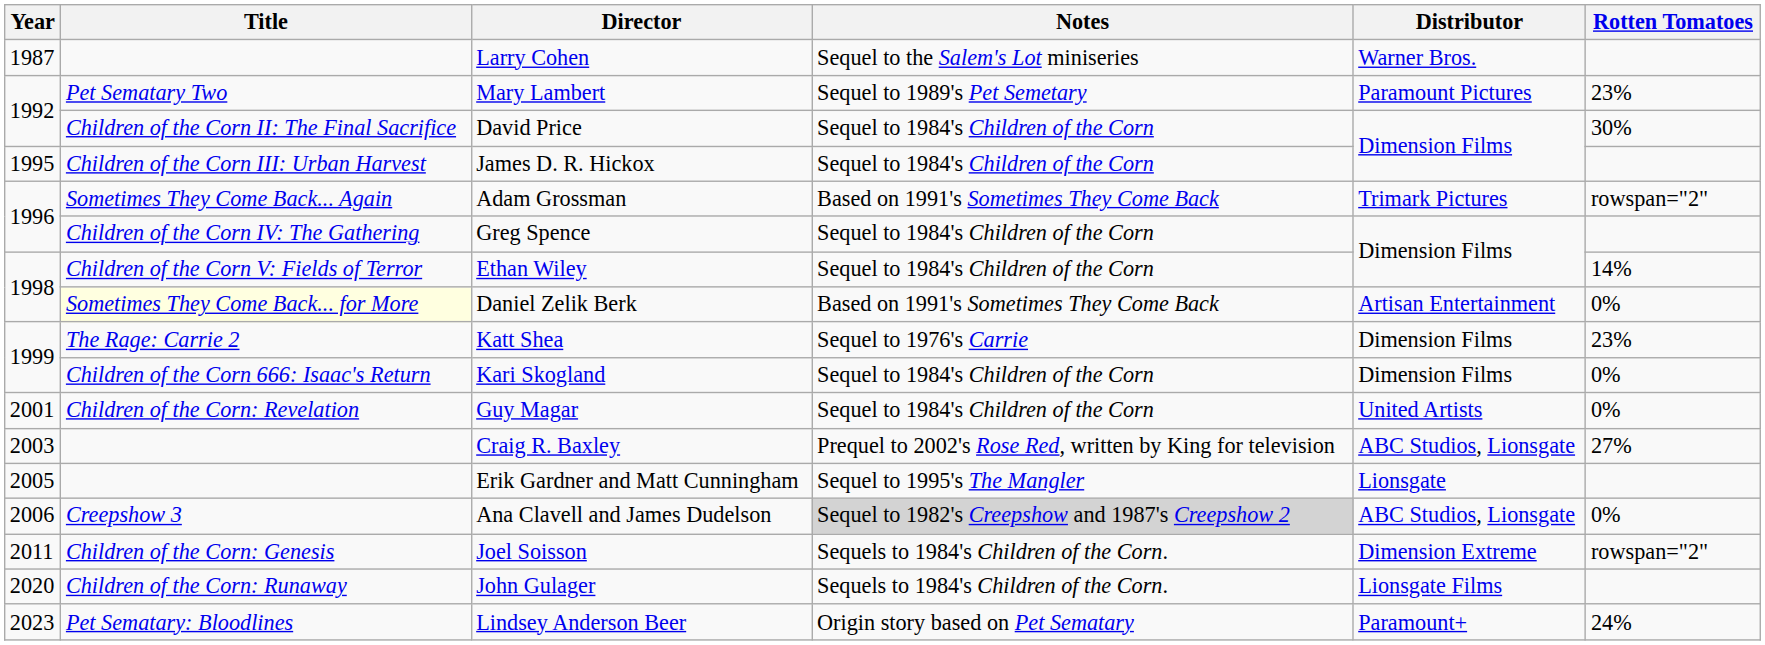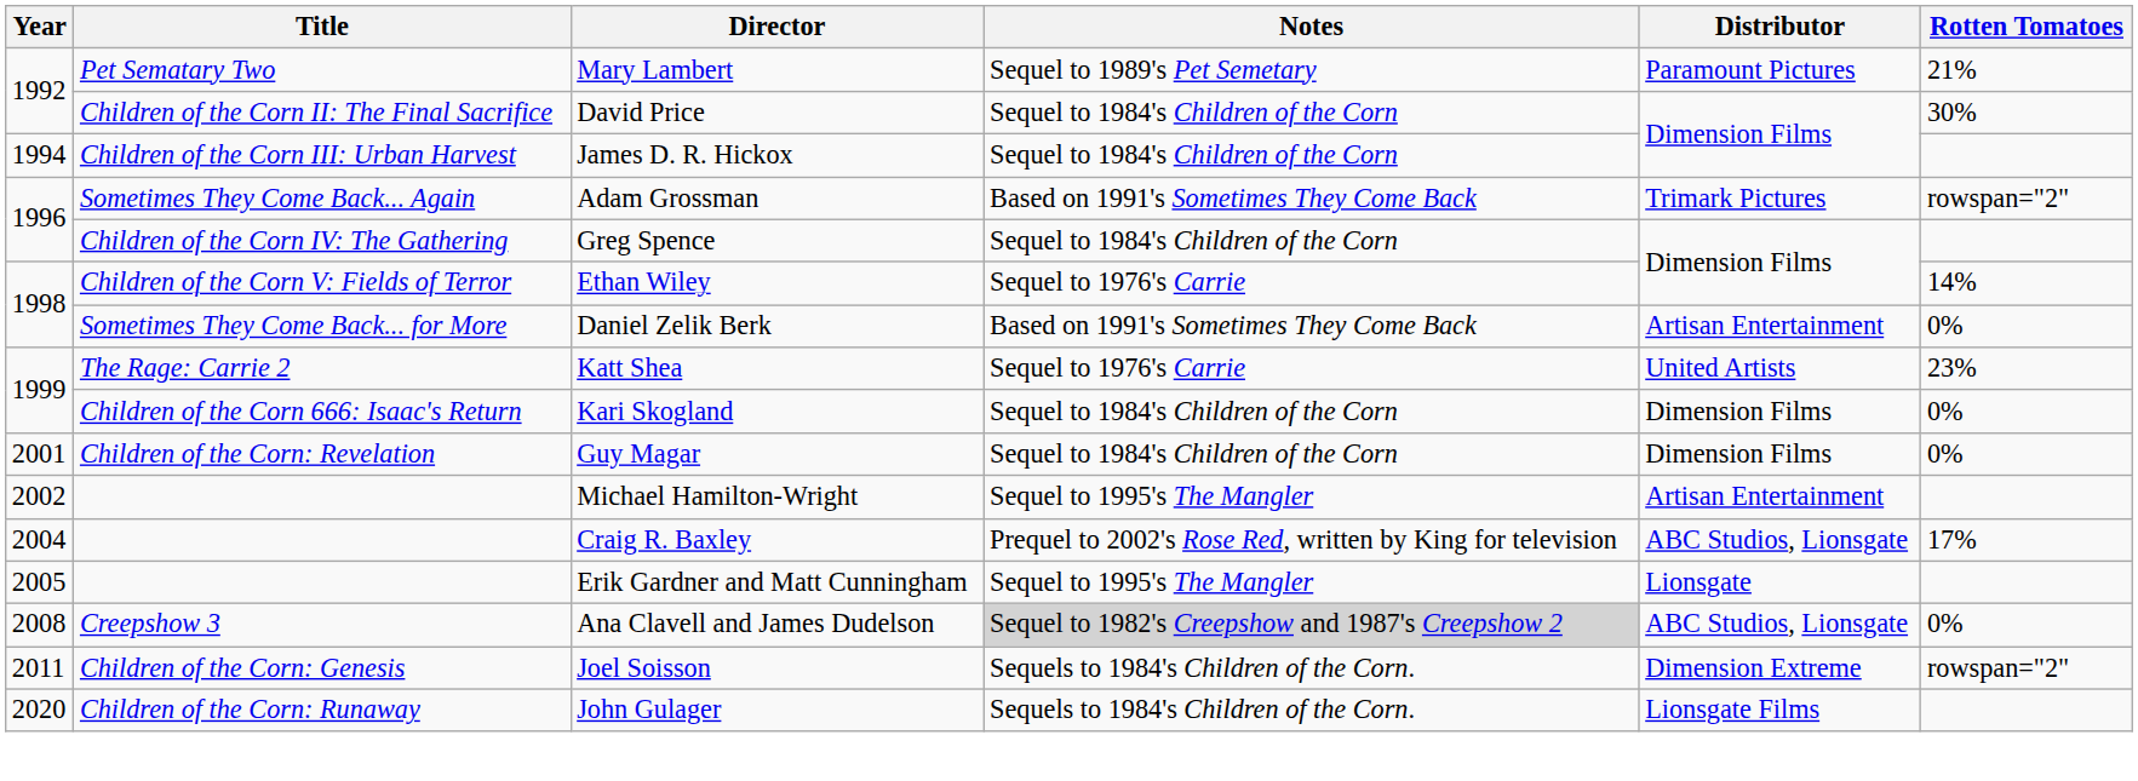 <table class="wikitable sortable plainrowheaders" style="width:100%;">
 <tr>
 <th>Year</th>
 <th>Title</th>
 <th>Director</th>
 <th class="unsortable">Notes</th>
 <th class="unsortable">Distributor</th>
 <th><a href='#'>Rotten Tomatoes</a></th>
 </tr>
 <tr>
-<td>1987</td>
-<td></td>
-<td><a href='#'>Larry Cohen</a></td>
-<td>Sequel to the <em><a href='#'>Salem's Lot</a></em> miniseries</td>
-<td><a href='#'>Warner Bros.</a></td>
-<td></td>
-</tr>
-<tr>
 <td rowspan="2">1992</td>
 <td><em><a href='#'>Pet Sematary Two</a></em></td>
 <td><a href='#'>Mary Lambert</a></td>
 <td>Sequel to 1989's <em><a href='#'>Pet Semetary</a></em></td>
 <td><a href='#'>Paramount Pictures</a></td>
-<td>23%</td>
+<td>21%</td>
 </tr>
 <tr>
 <td><em><a href='#'>Children of the Corn II: The Final Sacrifice</a></em></td>
 <td>David Price</td>
 <td>Sequel to 1984's <em><a href='#'>Children of the Corn</a></em></td>
 <td rowspan="2"><a href='#'>Dimension Films</a></td>
 <td>30%</td>
 </tr>
 <tr>
-<td>1995</td>
+<td>1994</td>
 <td><em><a href='#'>Children of the Corn III: Urban Harvest</a></em></td>
 <td>James D. R. Hickox</td>
 <td>Sequel to 1984's <em><a href='#'>Children of the Corn</a></em></td>
 </tr>
 <tr>
 <td rowspan="2">1996</td>
 <td><em><a href='#'>Sometimes They Come Back... Again</a></em></td>
 <td>Adam Grossman</td>
 <td>Based on 1991's <em><a href='#'>Sometimes They Come Back</a></em></td>
 <td><a href='#'>Trimark Pictures</a></td>
 <td>rowspan="2" </td>
 </tr>
 <tr>
 <td><em><a href='#'>Children of the Corn IV: The Gathering</a></em></td>
 <td>Greg Spence</td>
 <td>Sequel to 1984's <em>Children of the Corn</em></td>
 <td rowspan="2">Dimension Films</td>
 </tr>
 <tr>
 <td rowspan="2">1998</td>
 <td><em><a href='#'>Children of the Corn V: Fields of Terror</a></em></td>
 <td><a href='#'>Ethan Wiley</a></td>
-<td>Sequel to 1984's <em>Children of the Corn</em></td>
+<td>Sequel to 1976's <em><a href='#'>Carrie</a></em></td>
 <td>14%</td>
 </tr>
 <tr>
-<td style="background: lightyellow;"><em><a href='#'>Sometimes They Come Back... for More</a></em></td>
+<td><em><a href='#'>Sometimes They Come Back... for More</a></em></td>
 <td>Daniel Zelik Berk</td>
 <td>Based on 1991's <em>Sometimes They Come Back</em></td>
 <td><a href='#'>Artisan Entertainment</a></td>
 <td>0%</td>
 </tr>
 <tr>
 <td rowspan="2">1999</td>
 <td><em><a href='#'>The Rage: Carrie 2</a></em></td>
 <td><a href='#'>Katt Shea</a></td>
 <td>Sequel to 1976's <em><a href='#'>Carrie</a></em></td>
-<td>Dimension Films</td>
+<td><a href='#'>United Artists</a></td>
 <td>23%</td>
 </tr>
 <tr>
 <td><em><a href='#'>Children of the Corn 666: Isaac's Return</a></em></td>
 <td><a href='#'>Kari Skogland</a></td>
 <td>Sequel to 1984's <em>Children of the Corn</em></td>
 <td>Dimension Films</td>
 <td>0%</td>
 </tr>
 <tr>
 <td>2001</td>
 <td><em><a href='#'>Children of the Corn: Revelation</a></em></td>
 <td><a href='#'>Guy Magar</a></td>
 <td>Sequel to 1984's <em>Children of the Corn</em></td>
-<td><a href='#'>United Artists</a></td>
+<td>Dimension Films</td>
 <td>0%</td>
 </tr>
 <tr>
-<td>2003</td>
+<td>2002</td>
+<td></td>
+<td>Michael Hamilton-Wright</td>
+<td>Sequel to 1995's <em><a href='#'>The Mangler</a></em></td>
+<td><a href='#'>Artisan Entertainment</a></td>
+<td></td>
+</tr>
+<tr>
+<td>2004</td>
 <td></td>
 <td><a href='#'>Craig R. Baxley</a></td>
 <td>Prequel to 2002's <em><a href='#'>Rose Red</a></em>, written by King for television</td>
 <td><a href='#'>ABC Studios</a>, <a href='#'>Lionsgate</a></td>
-<td>27%</td>
+<td>17%</td>
 </tr>
 <tr>
 <td>2005</td>
 <td></td>
 <td>Erik Gardner and Matt Cunningham</td>
 <td>Sequel to 1995's <em><a href='#'>The Mangler</a></em></td>
 <td><a href='#'>Lionsgate</a></td>
 <td></td>
 </tr>
 <tr>
-<td>2006</td>
+<td>2008</td>
 <td><em><a href='#'>Creepshow 3</a></em></td>
 <td>Ana Clavell and James Dudelson</td>
 <td style="background: lightgrey;">Sequel to 1982's <em><a href='#'>Creepshow</a></em> and 1987's <em><a href='#'>Creepshow 2</a></em></td>
 <td><a href='#'>ABC Studios</a>, <a href='#'>Lionsgate</a></td>
 <td>0%</td>
 </tr>
 <tr>
 <td>2011</td>
 <td><em><a href='#'>Children of the Corn: Genesis</a></em></td>
 <td><a href='#'>Joel Soisson</a></td>
 <td>Sequels to 1984's <em>Children of the Corn</em>.</td>
 <td><a href='#'>Dimension Extreme</a></td>
 <td>rowspan="2" </td>
 </tr>
 <tr>
 <td>2020</td>
 <td><em><a href='#'>Children of the Corn: Runaway</a></em></td>
 <td><a href='#'>John Gulager</a></td>
 <td>Sequels to 1984's <em>Children of the Corn</em>.</td>
 <td><a href='#'>Lionsgate Films</a></td>
 </tr>
-<tr>
-<td>2023</td>
-<td><em><a href='#'>Pet Sematary: Bloodlines</a></em></td>
-<td><a href='#'>Lindsey Anderson Beer</a></td>
-<td>Origin story based on <em><a href='#'>Pet Sematary</a></em></td>
-<td><a href='#'>Paramount+</a></td>
-<td>24%</td>
-</tr>
 </table>
